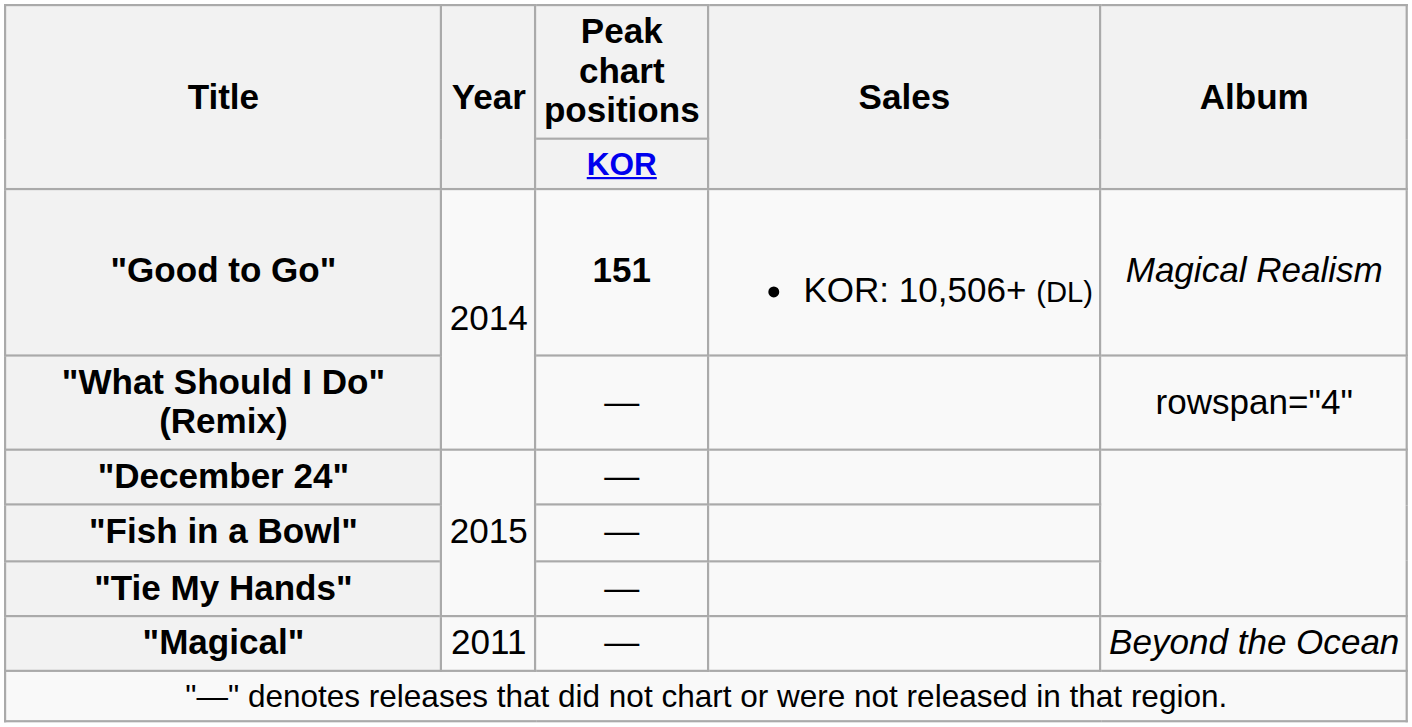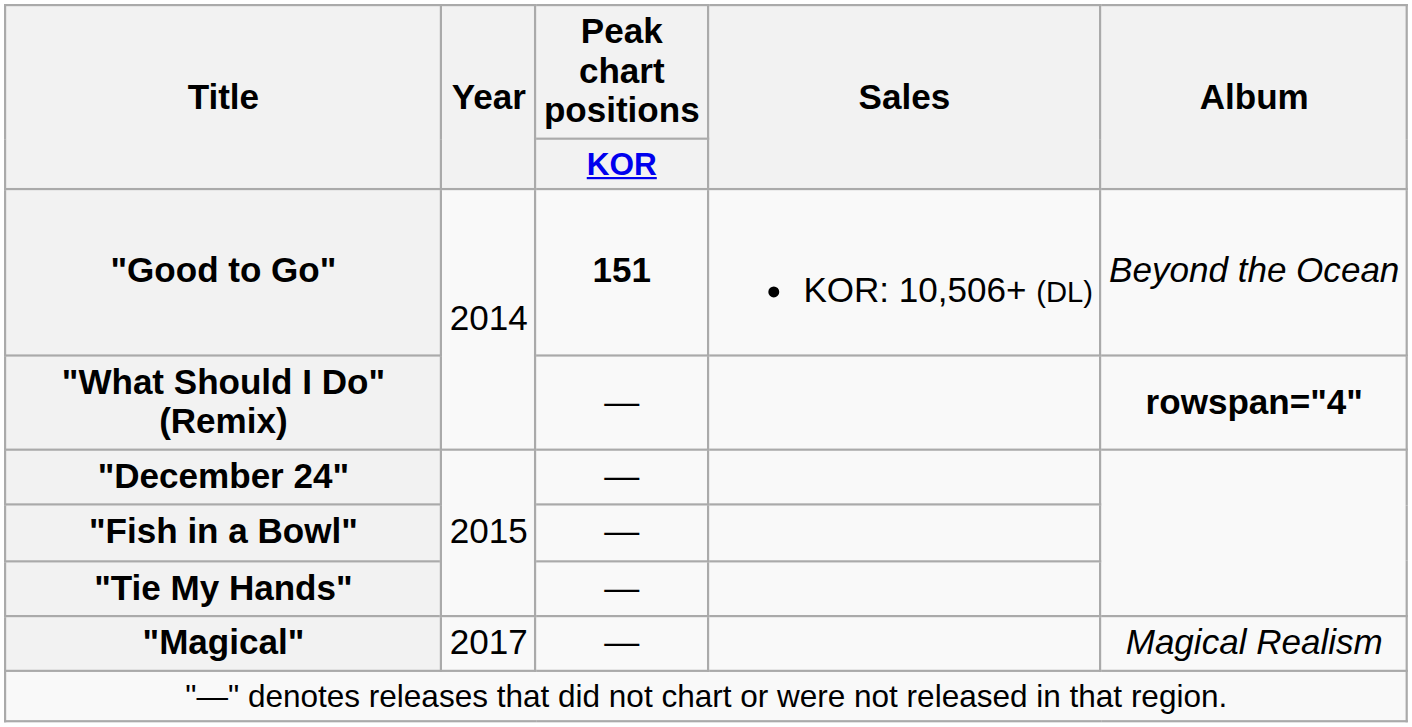 <table class="wikitable plainrowheaders" style="text-align:center;" border="1">
 <tr>
 <th scope="col" rowspan="2" style="width:12em;">Title</th>
 <th scope="col" rowspan="2">Year</th>
 <th scope="col" colspan="1">Peak chart positions</th>
 <th scope="col" rowspan="2">Sales</th>
 <th scope="col" rowspan="2">Album</th>
 </tr>
 <tr>
 <th scope="col" style="width:3em;font-size:90%;"><a href='#'>KOR</a><br></th>
 </tr>
 <tr>
 <th scope="row">"Good to Go"</th>
 <td rowspan="2">2014</td>
 <td align=center><strong>151</strong></td>
 <td><br><ul><li>KOR: 10,506+ <small>(DL)</small></li></ul></td>
-<td><em>Magical Realism</em></td>
+<td><em>Beyond the Ocean</em></td>
 </tr>
 <tr>
 <th scope="row">"What Should I Do" (Remix)</th>
 <td align=center>—</td>
 <td></td>
-<td>rowspan="4" </td>
+<td><strong>rowspan="4" </strong></td>
 </tr>
 <tr>
 <th scope="row">"December 24"</th>
 <td rowspan="3">2015</td>
 <td align=center>—</td>
 <td></td>
 </tr>
 <tr>
 <th scope="row">"Fish in a Bowl"</th>
 <td align=center>—</td>
 <td></td>
 </tr>
 <tr>
 <th scope="row">"Tie My Hands"</th>
 <td align=center>—</td>
 <td></td>
 </tr>
 <tr>
 <th scope="row">"Magical"</th>
-<td>2011</td>
+<td>2017</td>
 <td align=center>—</td>
 <td></td>
-<td><em>Beyond the Ocean</em></td>
+<td><em>Magical Realism</em></td>
 </tr>
 <tr>
 <td colspan="6" style="font-size:90%">"—" denotes releases that did not chart or were not released in that region.</td>
 </tr>
 </table>
